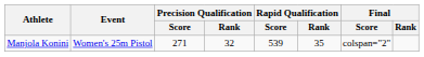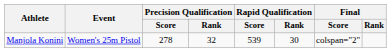 <table class="wikitable" style="text-align:center; font-size:90%">
 <tr>
 <th rowspan="2">Athlete</th>
 <th rowspan="2">Event</th>
 <th colspan="2">Precision Qualification</th>
 <th colspan="2">Rapid Qualification</th>
 <th colspan="2">Final</th>
 </tr>
 <tr style="font-size:95%">
 <th>Score</th>
 <th>Rank</th>
 <th>Score</th>
 <th>Rank</th>
 <th>Score</th>
 <th>Rank</th>
 </tr>
 <tr>
 <td align="left"><a href='#'>Manjola Konini</a></td>
 <td align="left"><a href='#'>Women's 25m Pistol</a></td>
-<td>271</td>
+<td>278</td>
 <td>32</td>
 <td>539</td>
-<td>35</td>
+<td>30</td>
 <td>colspan="2" </td>
 </tr>
 </table>
